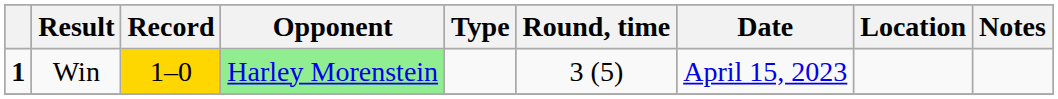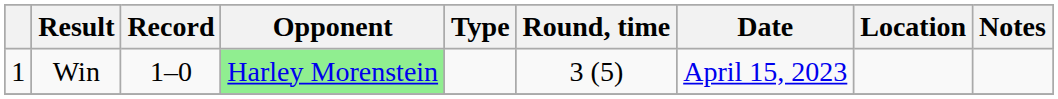 <table class="wikitable" style="text-align:center">
 <tr>
 <th></th>
 <th>Result</th>
 <th>Record</th>
 <th>Opponent</th>
 <th>Type</th>
 <th>Round, time</th>
 <th>Date</th>
 <th>Location</th>
 <th>Notes</th>
 </tr>
 <tr>
-<td><strong>1</strong></td>
+<td>1</td>
 <td>Win</td>
-<td style="background: gold;">1–0</td>
+<td>1–0</td>
 <td style="background: lightgreen; text-align:left;"><a href='#'>Harley Morenstein</a></td>
 <td></td>
 <td>3 (5)</td>
 <td><a href='#'>April 15, 2023</a></td>
 <td style="text-align:left;"></td>
 <td style="text-align:left;"></td>
 </tr>
 <tr>
 </tr>
 </table>
